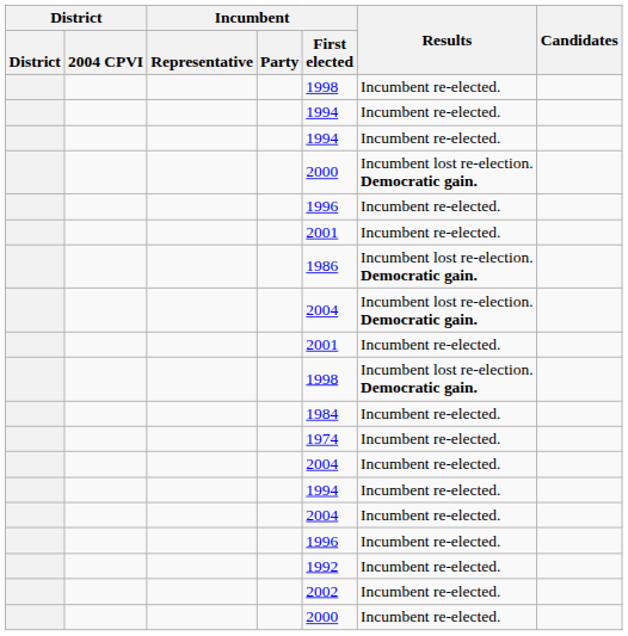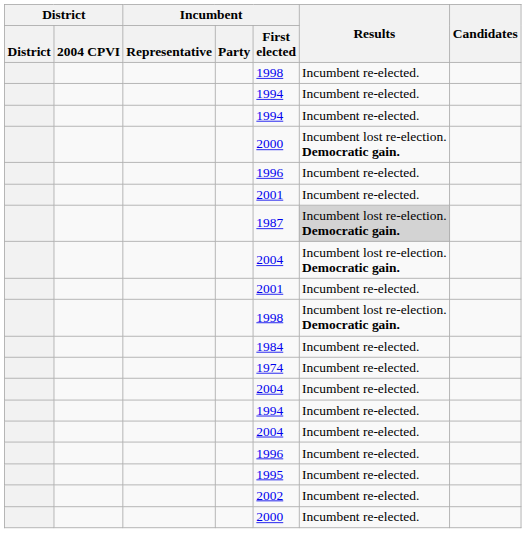 <table class="wikitable sortable">
 <tr>
 <th colspan=2>District</th>
 <th colspan=3>Incumbent</th>
 <th rowspan=2>Results</th>
 <th rowspan=2>Candidates</th>
 </tr>
 <tr valign=bottom>
 <th>District</th>
 <th>2004 CPVI</th>
 <th>Representative</th>
 <th>Party</th>
 <th>First<br>elected</th>
 </tr>
 <tr>
 <th></th>
 <td></td>
 <td></td>
 <td></td>
 <td><a href='#'>1998</a></td>
 <td>Incumbent re-elected.</td>
 <td nowrap></td>
 </tr>
 <tr>
 <th></th>
 <td></td>
 <td></td>
 <td></td>
 <td><a href='#'>1994</a></td>
 <td>Incumbent re-elected.</td>
 <td nowrap></td>
 </tr>
 <tr>
 <th></th>
 <td></td>
 <td></td>
 <td></td>
 <td><a href='#'>1994</a></td>
 <td>Incumbent re-elected.</td>
 <td nowrap></td>
 </tr>
 <tr>
 <th></th>
 <td></td>
 <td></td>
 <td></td>
 <td><a href='#'>2000</a></td>
 <td>Incumbent lost re-election.<br><strong>Democratic gain.</strong></td>
 <td nowrap></td>
 </tr>
 <tr>
 <th></th>
 <td></td>
 <td></td>
 <td></td>
 <td><a href='#'>1996</a></td>
 <td>Incumbent re-elected.</td>
 <td nowrap></td>
 </tr>
 <tr>
 <th></th>
 <td></td>
 <td></td>
 <td></td>
 <td><a href='#'>2001</a></td>
 <td>Incumbent re-elected.</td>
 <td nowrap></td>
 </tr>
 <tr>
 <th></th>
 <td></td>
 <td></td>
 <td></td>
-<td><a href='#'>1986</a></td>
-<td>Incumbent lost re-election.<br><strong>Democratic gain.</strong></td>
+<td><a href='#'>1987</a></td>
+<td style="background: lightgrey;">Incumbent lost re-election.<br><strong>Democratic gain.</strong></td>
 <td nowrap></td>
 </tr>
 <tr>
 <th></th>
 <td></td>
 <td></td>
 <td></td>
 <td><a href='#'>2004</a></td>
 <td>Incumbent lost re-election.<br><strong>Democratic gain.</strong></td>
 <td nowrap></td>
 </tr>
 <tr>
 <th></th>
 <td></td>
 <td></td>
 <td></td>
 <td><a href='#'>2001</a></td>
 <td>Incumbent re-elected.</td>
 <td nowrap></td>
 </tr>
 <tr>
 <th></th>
 <td></td>
 <td></td>
 <td></td>
 <td><a href='#'>1998</a></td>
 <td>Incumbent lost re-election.<br><strong>Democratic gain.</strong></td>
 <td nowrap></td>
 </tr>
 <tr>
 <th></th>
 <td></td>
 <td></td>
 <td></td>
 <td><a href='#'>1984</a></td>
 <td>Incumbent re-elected.</td>
 <td nowrap></td>
 </tr>
 <tr>
 <th></th>
 <td></td>
 <td></td>
 <td></td>
 <td><a href='#'>1974</a></td>
 <td>Incumbent re-elected.</td>
 <td nowrap></td>
 </tr>
 <tr>
 <th></th>
 <td></td>
 <td></td>
 <td></td>
 <td><a href='#'>2004</a></td>
 <td>Incumbent re-elected.</td>
 <td nowrap></td>
 </tr>
 <tr>
 <th></th>
 <td></td>
 <td></td>
 <td></td>
 <td><a href='#'>1994</a></td>
 <td>Incumbent re-elected.</td>
 <td nowrap></td>
 </tr>
 <tr>
 <th></th>
 <td></td>
 <td></td>
 <td></td>
 <td><a href='#'>2004</a></td>
 <td>Incumbent re-elected.</td>
 <td nowrap></td>
 </tr>
 <tr>
 <th></th>
 <td></td>
 <td></td>
 <td></td>
 <td><a href='#'>1996</a></td>
 <td>Incumbent re-elected.</td>
 <td nowrap></td>
 </tr>
 <tr>
 <th></th>
 <td></td>
 <td></td>
 <td></td>
-<td><a href='#'>1992</a></td>
+<td><a href='#'>1995</a></td>
 <td>Incumbent re-elected.</td>
 <td nowrap></td>
 </tr>
 <tr>
 <th></th>
 <td></td>
 <td></td>
 <td></td>
 <td><a href='#'>2002</a></td>
 <td>Incumbent re-elected.</td>
 <td nowrap></td>
 </tr>
 <tr>
 <th></th>
 <td></td>
 <td></td>
 <td></td>
 <td><a href='#'>2000</a></td>
 <td>Incumbent re-elected.</td>
 <td nowrap></td>
 </tr>
 </table>
